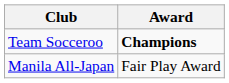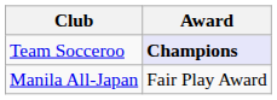 <table class="wikitable" style="text-align:center; float:left; margin-right:1em">
 <tr>
 <th>Club</th>
 <th>Award</th>
 </tr>
 <tr>
 <td align="left"><a href='#'>Team Socceroo</a></td>
-<td align="left"><strong>Champions</strong></td>
+<td align="left" style="background: lavender;"><strong>Champions</strong></td>
 </tr>
 <tr>
 <td align="left"><a href='#'>Manila All-Japan</a></td>
 <td align="left">Fair Play Award</td>
 </tr>
 </table>
